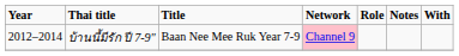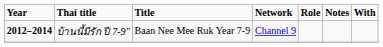 <table class="wikitable" style="font-size: 85%;">
 <tr>
 <td><strong>Year</strong></td>
 <td><strong>Thai title</strong></td>
 <td><strong>Title</strong></td>
 <td><strong>Network</strong></td>
 <td><strong>Role</strong></td>
 <td><strong>Notes</strong></td>
 <td><strong>With</strong></td>
 </tr>
 <tr>
-<td rowspan="1">2012–2014</td>
+<td rowspan="1"><strong>2012–2014</strong></td>
 <td><em>บ้านนี้มีรัก ปี 7-9"</td>
 <td></em>Baan Nee Mee Ruk Year 7-9<em></td>
-<td style="background: pink;"><a href='#'>Channel 9</a></td>
+<td><a href='#'>Channel 9</a></td>
 <td></td>
 <td></td>
 <td></td>
 </tr>
 <tr>
 </tr>
 </table>
